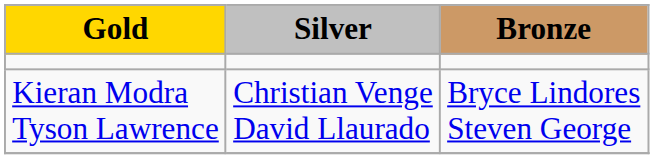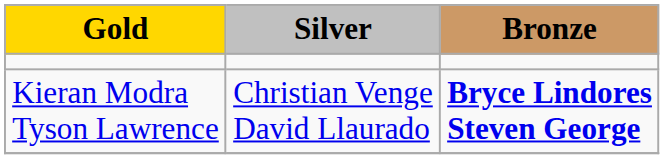 <table class="wikitable">
 <tr align="center">
 <td bgcolor="gold"><strong>Gold</strong></td>
 <td bgcolor="silver"><strong>Silver</strong></td>
 <td bgcolor="CC9966"><strong>Bronze</strong></td>
 </tr>
 <tr valign="top">
 <td></td>
 <td></td>
 <td></td>
 </tr>
 <tr valign="top">
 <td><a href='#'>Kieran Modra</a> <br> <a href='#'>Tyson Lawrence</a></td>
 <td><a href='#'>Christian Venge</a> <br> <a href='#'>David Llaurado</a></td>
-<td><a href='#'>Bryce Lindores</a> <br> <a href='#'>Steven George</a></td>
+<td><strong><a href='#'>Bryce Lindores</a> <br> <a href='#'>Steven George</a></strong></td>
 </tr>
 <tr>
 </tr>
 </table>
